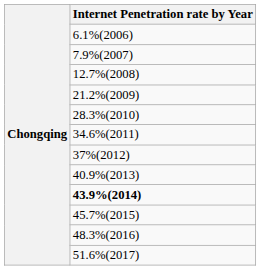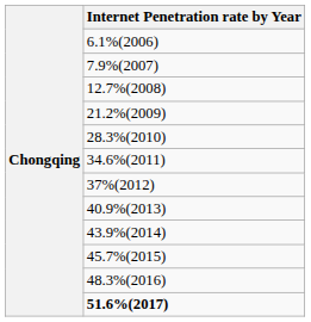 <table class="wikitable">
 <tr>
 <th rowspan="13">Chongqing</th>
 <th>Internet Penetration rate by Year</th>
 </tr>
 <tr>
 <td>6.1%(2006)</td>
 </tr>
 <tr>
 <td>7.9%(2007)</td>
 </tr>
 <tr>
 <td>12.7%(2008)</td>
 </tr>
 <tr>
 <td>21.2%(2009)</td>
 </tr>
 <tr>
 <td>28.3%(2010)</td>
 </tr>
 <tr>
 <td>34.6%(2011)</td>
 </tr>
 <tr>
 <td>37%(2012)</td>
 </tr>
 <tr>
 <td>40.9%(2013)</td>
 </tr>
 <tr>
-<td><strong>43.9%(2014)</strong></td>
+<td>43.9%(2014)</td>
 </tr>
 <tr>
 <td>45.7%(2015)</td>
 </tr>
 <tr>
 <td>48.3%(2016)</td>
 </tr>
 <tr>
-<td>51.6%(2017)</td>
+<td><strong>51.6%(2017)</strong></td>
 </tr>
 </table>
